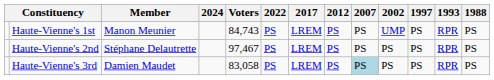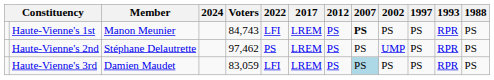 <table class="wikitable sortable">
 <tr>
 <th colspan="2">Constituency</th>
 <th>Member</th>
 <th>2024</th>
 <th>Voters</th>
 <th>2022</th>
 <th>2017</th>
 <th>2012</th>
 <th>2007</th>
 <th>2002</th>
 <th>1997</th>
 <th>1993</th>
 <th>1988</th>
 </tr>
 <tr>
 <td style="background-color: "></td>
 <td><a href='#'>Haute-Vienne's 1st</a></td>
 <td><a href='#'>Manon Meunier</a></td>
 <td></td>
 <td>84,743</td>
+<td><a href='#'>LFI</a></td>
+<td><a href='#'>LREM</a></td>
+<td><a href='#'>PS</a></td>
+<td><strong>PS</strong></td>
+<td>PS</td>
+<td>PS</td>
+<td><a href='#'>RPR</a></td>
+<td>PS</td>
+</tr>
+<tr>
+<td style="background-color: "></td>
+<td><a href='#'>Haute-Vienne's 2nd</a></td>
+<td><a href='#'>Stéphane Delautrette</a></td>
+<td></td>
+<td>97,462</td>
 <td><a href='#'>PS</a></td>
 <td><a href='#'>LREM</a></td>
 <td><a href='#'>PS</a></td>
 <td>PS</td>
 <td><a href='#'>UMP</a></td>
 <td>PS</td>
 <td><a href='#'>RPR</a></td>
 <td>PS</td>
 </tr>
 <tr>
 <td style="background-color: "></td>
-<td><a href='#'>Haute-Vienne's 2nd</a></td>
-<td><a href='#'>Stéphane Delautrette</a></td>
-<td></td>
-<td>97,467</td>
-<td><a href='#'>PS</a></td>
-<td><a href='#'>LREM</a></td>
-<td><a href='#'>PS</a></td>
-<td>PS</td>
-<td>PS</td>
-<td>PS</td>
-<td><a href='#'>RPR</a></td>
-<td>PS</td>
-</tr>
-<tr>
-<td style="background-color: "></td>
 <td><a href='#'>Haute-Vienne's 3rd</a></td>
 <td><a href='#'>Damien Maudet</a></td>
 <td></td>
-<td>83,058</td>
-<td><a href='#'>PS</a></td>
+<td>83,059</td>
+<td><a href='#'>LFI</a></td>
 <td><a href='#'>LREM</a></td>
 <td><a href='#'>PS</a></td>
 <td style="background: lightblue;">PS</td>
 <td>PS</td>
 <td>PS</td>
 <td><a href='#'>RPR</a></td>
 <td>PS</td>
 </tr>
 </table>
